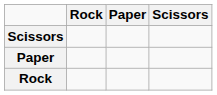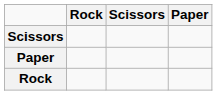 <table class="wikitable defaultcenter">
 <tr>
 <td></td>
 <th>Rock</th>
+<th>Scissors</th>
 <th>Paper</th>
-<th>Scissors</th>
 </tr>
 <tr>
 <th>Scissors</th>
 <td></td>
 <td></td>
 <td></td>
 </tr>
 <tr>
 <th>Paper</th>
 <td></td>
 <td></td>
 <td></td>
 </tr>
 <tr>
 <th>Rock</th>
 <td></td>
 <td></td>
 <td></td>
 </tr>
 </table>
